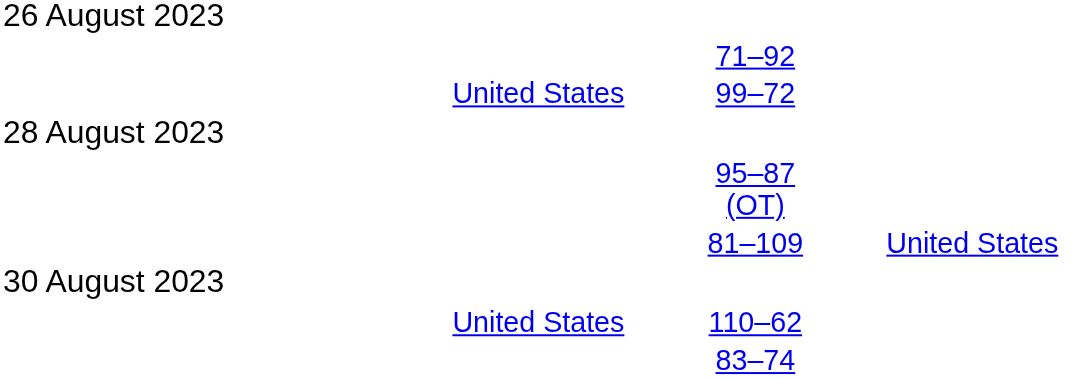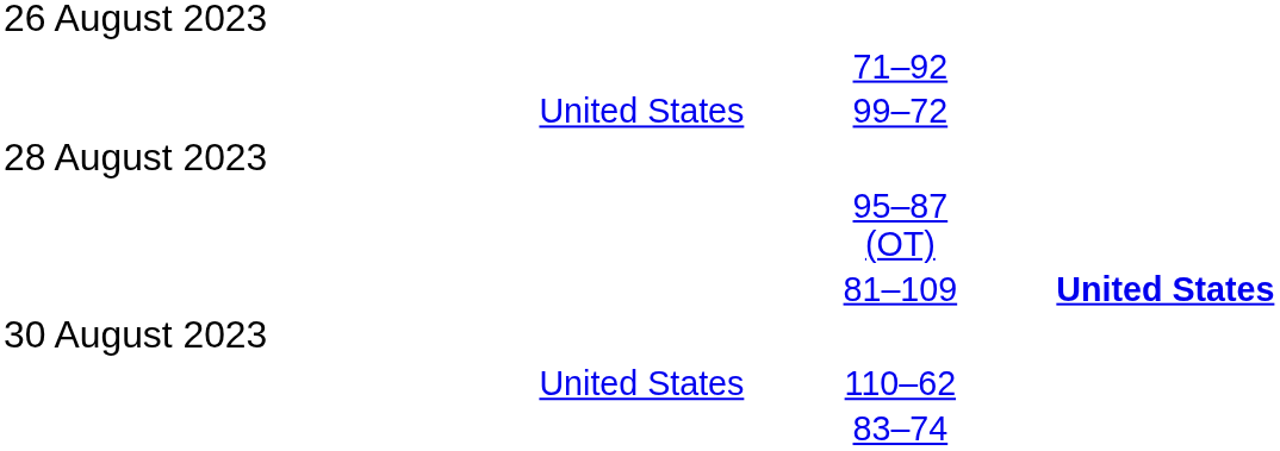 <table style="width:100%;" cellspacing="1">
 <tr>
 <th width=25%></th>
 <th width=2%></th>
 <th width=6%></th>
 <th width=2%></th>
 <th width=25%></th>
 </tr>
 <tr>
 <td>26 August 2023</td>
 </tr>
 <tr style=font-size:90%>
 <td align=right></td>
 <td></td>
 <td align=center><a href='#'>71–92</a></td>
 <td></td>
 <td></td>
 <td></td>
 </tr>
 <tr style=font-size:90%>
 <td align=right><a href='#'>United States</a> </td>
 <td></td>
 <td align=center><a href='#'>99–72</a></td>
 <td></td>
 <td></td>
 <td></td>
 </tr>
 <tr>
 <td>28 August 2023</td>
 </tr>
 <tr style=font-size:90%>
 <td align=right></td>
 <td></td>
 <td align=center><a href='#'>95–87 (OT)</a></td>
 <td></td>
 <td></td>
 <td></td>
 </tr>
 <tr style=font-size:90%>
 <td align=right></td>
 <td></td>
 <td align=center><a href='#'>81–109</a></td>
 <td></td>
-<td> <a href='#'>United States</a></td>
+<td><strong> <a href='#'>United States</a></strong></td>
 <td></td>
 </tr>
 <tr>
 <td>30 August 2023</td>
 </tr>
 <tr style=font-size:90%>
 <td align=right><a href='#'>United States</a> </td>
 <td></td>
 <td align=center><a href='#'>110–62</a></td>
 <td></td>
 <td></td>
 <td></td>
 </tr>
 <tr style=font-size:90%>
 <td align=right></td>
 <td></td>
 <td align=center><a href='#'>83–74</a></td>
 <td></td>
 <td></td>
 <td></td>
 </tr>
 </table>
